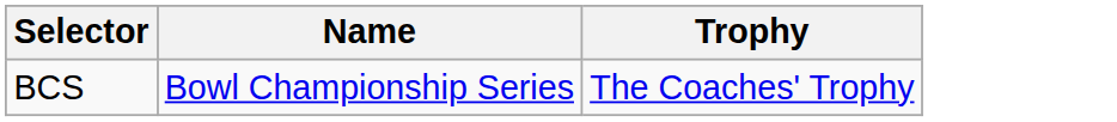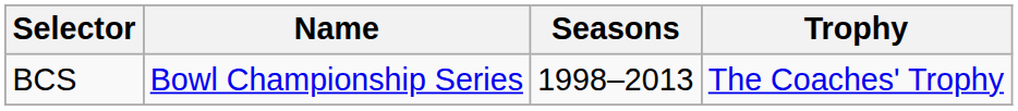 <table class="wikitable">
 <tr>
 <th width=px>Selector</th>
 <th width=px>Name</th>
+<th width=px>Seasons</th>
 <th width=px>Trophy</th>
 </tr>
 <tr>
 <td>BCS</td>
 <td><a href='#'>Bowl Championship Series</a></td>
+<td>1998–2013</td>
 <td><a href='#'>The Coaches' Trophy</a></td>
 </tr>
 </table>
